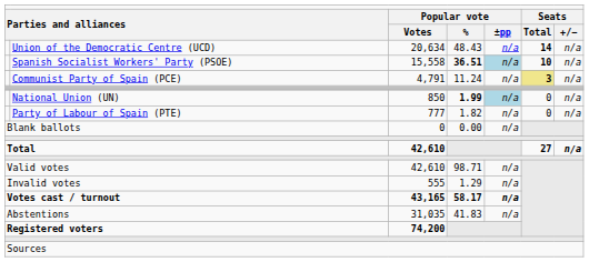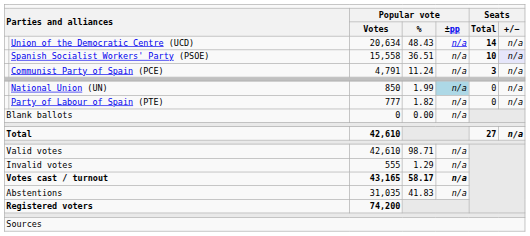 <table class="wikitable" style="text-align:right;">
 <tr>
 <td colspan="7"></td>
 </tr>
 <tr>
 <th style="text-align:left;" rowspan="2" colspan="2" width="525">Parties and alliances</th>
 <th colspan="3">Popular vote</th>
 <th colspan="2">Seats</th>
 </tr>
 <tr>
 <th width="75">Votes</th>
 <th width="45">%</th>
 <th width="45">±<a href='#'>pp</a></th>
 <th width="35">Total</th>
 <th width="35">+/−</th>
 </tr>
 <tr>
 <td width="1" style="color:inherit;background:"></td>
 <td align="left"><a href='#'>Union of the Democratic Centre</a> (UCD)</td>
 <td>20,634</td>
 <td>48.43</td>
 <td><em><a href='#'>n/a</a></em></td>
 <td><strong>14</strong></td>
 <td><em>n/a</em></td>
 </tr>
 <tr>
 <td style="color:inherit;background:"></td>
 <td align="left"><a href='#'>Spanish Socialist Workers' Party</a> (PSOE)</td>
 <td>15,558</td>
-<td><strong>36.51</strong></td>
-<td style="background: lightblue;"><em>n/a</em></td>
+<td>36.51</td>
+<td><em>n/a</em></td>
 <td><strong>10</strong></td>
-<td><em>n/a</em></td>
+<td style="background: lavender;"><em>n/a</em></td>
 </tr>
 <tr>
 <td style="color:inherit;background:"></td>
 <td align="left"><a href='#'>Communist Party of Spain</a> (PCE)</td>
 <td>4,791</td>
 <td>11.24</td>
 <td><em>n/a</em></td>
-<td style="background: khaki;"><strong>3</strong></td>
+<td><strong>3</strong></td>
 <td><em>n/a</em></td>
 </tr>
 <tr>
 <td colspan="7" bgcolor="#C0C0C0"></td>
 </tr>
 <tr>
 <td style="color:inherit;background:"></td>
 <td align="left"><a href='#'>National Union</a> (UN)</td>
 <td>850</td>
-<td><strong>1.99</strong></td>
+<td>1.99</td>
 <td style="background: lightblue;"><em>n/a</em></td>
 <td>0</td>
 <td><em>n/a</em></td>
 </tr>
 <tr>
 <td style="color:inherit;background:"></td>
 <td align="left"><a href='#'>Party of Labour of Spain</a> (PTE)</td>
 <td>777</td>
 <td>1.82</td>
 <td><em>n/a</em></td>
 <td>0</td>
 <td><em>n/a</em></td>
 </tr>
 <tr>
 <td align="left" colspan="2">Blank ballots</td>
 <td>0</td>
 <td>0.00</td>
 <td><em>n/a</em></td>
 <td bgcolor="#E9E9E9" colspan="2"></td>
 </tr>
 <tr>
 <td colspan="7" bgcolor="#E9E9E9"></td>
 </tr>
 <tr style="font-weight:bold;">
 <td align="left" colspan="2">Total</td>
 <td>42,610</td>
 <td bgcolor="#E9E9E9" colspan="2"></td>
 <td>27</td>
 <td><em>n/a</em></td>
 </tr>
 <tr>
 <td colspan="7" bgcolor="#E9E9E9"></td>
 </tr>
 <tr>
 <td align="left" colspan="2">Valid votes</td>
 <td>42,610</td>
 <td>98.71</td>
 <td><em>n/a</em></td>
 <td bgcolor="#E9E9E9" colspan="2" rowspan="5"></td>
 </tr>
 <tr>
 <td align="left" colspan="2">Invalid votes</td>
 <td>555</td>
 <td>1.29</td>
 <td><em>n/a</em></td>
 </tr>
 <tr style="font-weight:bold;">
 <td align="left" colspan="2">Votes cast / turnout</td>
 <td>43,165</td>
 <td>58.17</td>
 <td><em>n/a</em></td>
 </tr>
 <tr>
 <td align="left" colspan="2">Abstentions</td>
 <td>31,035</td>
 <td>41.83</td>
 <td><em>n/a</em></td>
 </tr>
 <tr style="font-weight:bold;">
 <td align="left" colspan="2">Registered voters</td>
 <td>74,200</td>
 <td bgcolor="#E9E9E9" colspan="2"></td>
 </tr>
 <tr>
 <td colspan="7" bgcolor="#E9E9E9"></td>
 </tr>
 <tr>
 <td align="left" colspan="7">Sources</td>
 </tr>
 </table>
